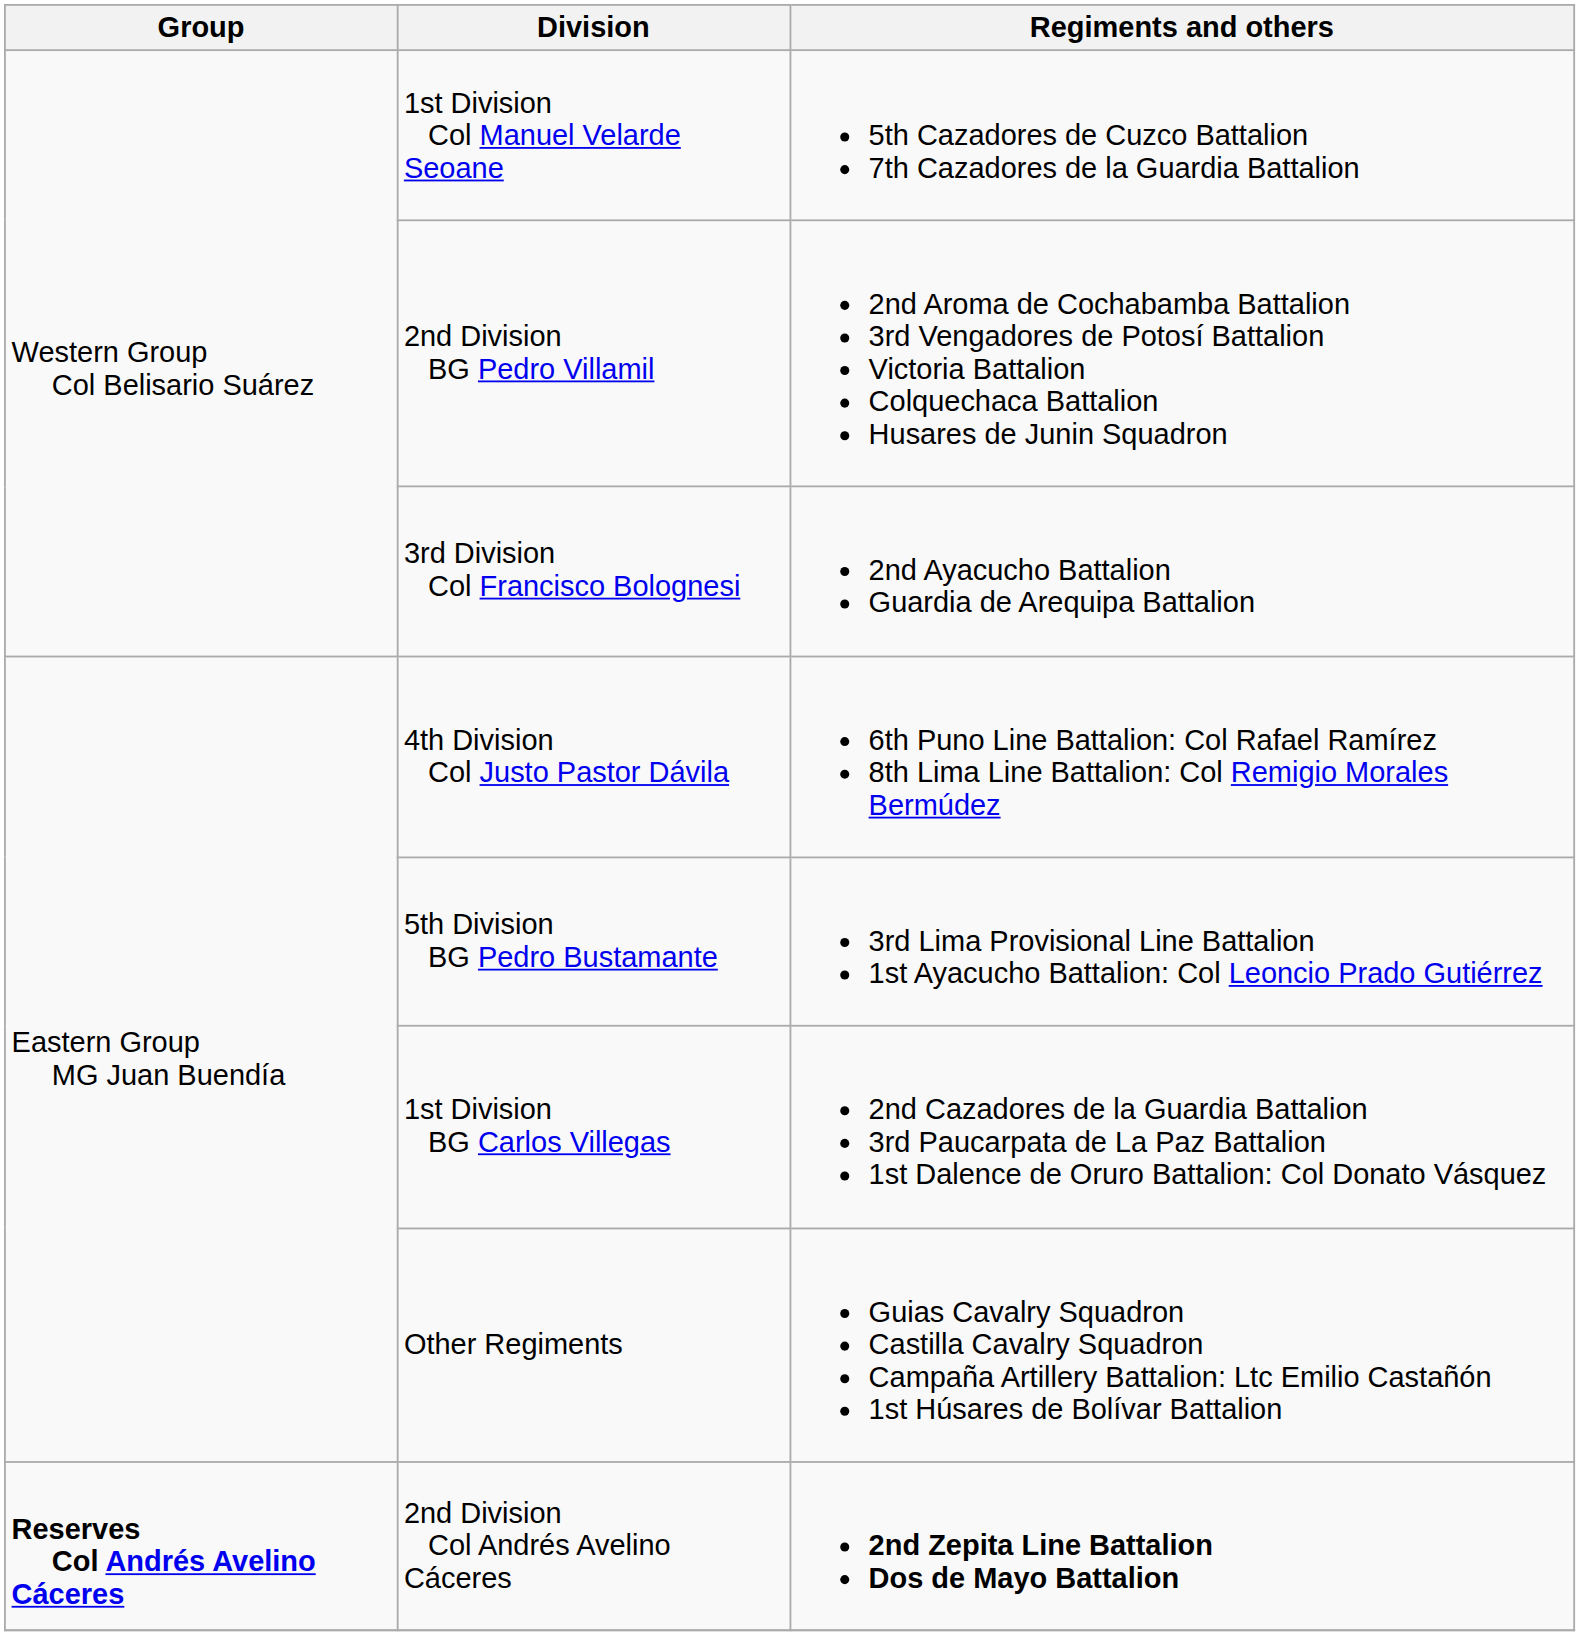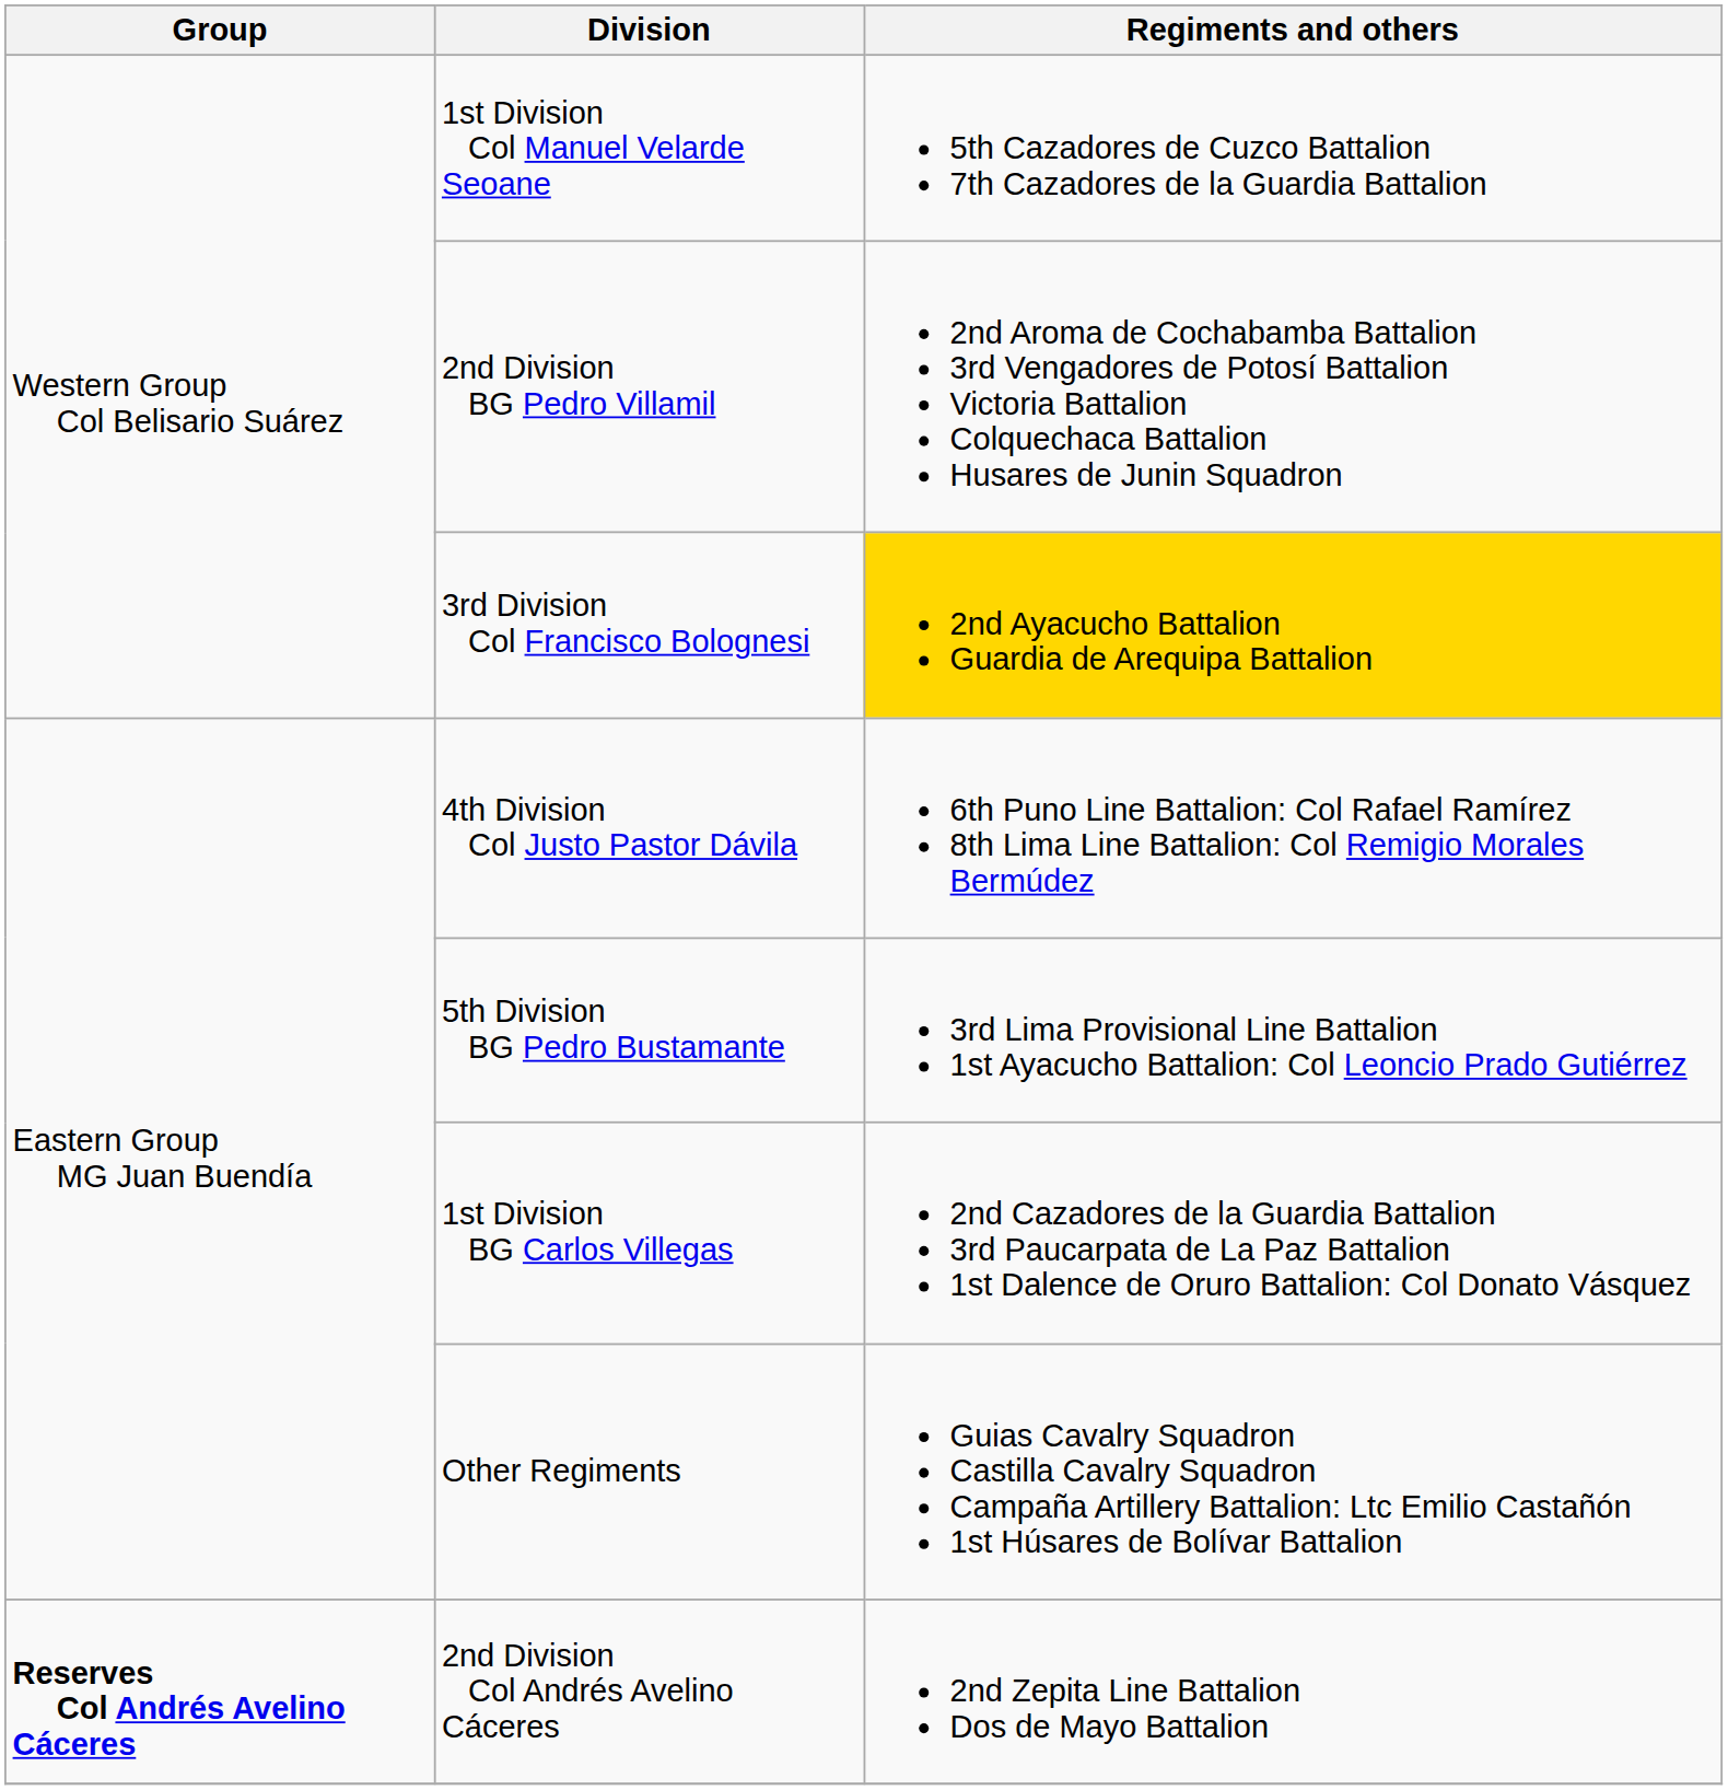 <table class="wikitable">
 <tr>
 <th width=25%>Group</th>
 <th width=25%>Division</th>
 <th>Regiments and others</th>
 </tr>
 <tr>
 <td rowspan=3><br>Western Group <br>     Col Belisario Suárez</td>
 <td>1st Division<br>   Col <a href='#'>Manuel Velarde Seoane</a></td>
 <td><br><ul><li>5th Cazadores de Cuzco Battalion</li><li>7th Cazadores de la Guardia Battalion</li></ul></td>
 </tr>
 <tr>
 <td>2nd Division<br>   BG <a href='#'>Pedro Villamil</a></td>
 <td><br><ul><li>2nd Aroma de Cochabamba Battalion</li><li>3rd Vengadores de Potosí Battalion</li><li>Victoria Battalion</li><li>Colquechaca Battalion</li><li>Husares de Junin Squadron</li></ul></td>
 </tr>
 <tr>
 <td>3rd Division<br>   Col <a href='#'>Francisco Bolognesi</a></td>
-<td><br><ul><li>2nd Ayacucho Battalion</li><li>Guardia de Arequipa Battalion</li></ul></td>
+<td style="background: gold;"><br><ul><li>2nd Ayacucho Battalion</li><li>Guardia de Arequipa Battalion</li></ul></td>
 </tr>
 <tr>
 <td rowspan=4><br>Eastern Group <br>     MG Juan Buendía<br>  </td>
 <td>4th Division<br>   Col <a href='#'>Justo Pastor Dávila</a></td>
 <td><br><ul><li>6th Puno Line Battalion: Col Rafael Ramírez</li><li>8th Lima Line Battalion: Col <a href='#'>Remigio Morales Bermúdez</a></li></ul></td>
 </tr>
 <tr>
 <td>5th Division<br>   BG <a href='#'>Pedro Bustamante</a></td>
 <td><br><ul><li>3rd Lima Provisional Line Battalion</li><li>1st Ayacucho Battalion: Col <a href='#'>Leoncio Prado Gutiérrez</a></li></ul></td>
 </tr>
 <tr>
 <td>1st Division<br>   BG <a href='#'>Carlos Villegas</a></td>
 <td><br><ul><li>2nd Cazadores de la Guardia Battalion</li><li>3rd Paucarpata de La Paz Battalion</li><li>1st Dalence de Oruro Battalion: Col Donato Vásquez</li></ul></td>
 </tr>
 <tr>
 <td>Other Regiments</td>
 <td><br><ul><li>Guias Cavalry Squadron</li><li>Castilla Cavalry Squadron</li><li>Campaña Artillery Battalion: Ltc Emilio Castañón</li><li>1st Húsares de Bolívar Battalion</li></ul></td>
 </tr>
 <tr>
 <td rowspan=1><strong><br>Reserves <br>     Col <a href='#'>Andrés Avelino Cáceres</a></strong></td>
 <td>2nd Division<br>   Col Andrés Avelino Cáceres</td>
-<td><strong><br><ul><li>2nd Zepita Line Battalion</li><li>Dos de Mayo Battalion</li></ul></strong></td>
+<td><br><ul><li>2nd Zepita Line Battalion</li><li>Dos de Mayo Battalion</li></ul></td>
 </tr>
 <tr>
 </tr>
 </table>
